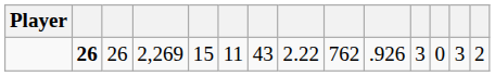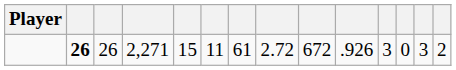 <table class="wikitable sortable" style="text-align:center;">
 <tr>
 <th>Player</th>
 <th></th>
 <th></th>
 <th></th>
 <th></th>
 <th></th>
 <th></th>
 <th></th>
 <th></th>
 <th></th>
 <th></th>
 <th></th>
 <th></th>
 <th></th>
 </tr>
 <tr>
 <td></td>
 <td><strong>26</strong></td>
 <td>26</td>
-<td>2,269</td>
+<td>2,271</td>
 <td>15</td>
 <td>11</td>
-<td>43</td>
-<td>2.22</td>
-<td>762</td>
+<td>61</td>
+<td>2.72</td>
+<td>672</td>
 <td>.926</td>
 <td>3</td>
 <td>0</td>
 <td>3</td>
 <td>2</td>
 </tr>
 </table>
